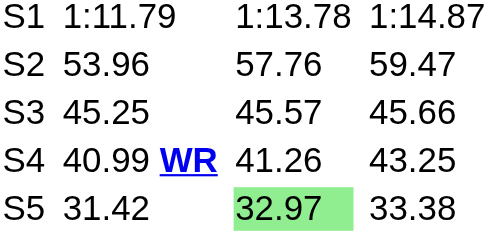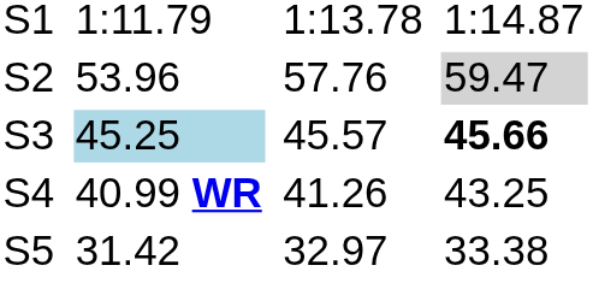 <table>
 <tr>
 <td>S1 <br></td>
 <td></td>
 <td>1:11.79</td>
 <td></td>
 <td>1:13.78</td>
 <td></td>
 <td>1:14.87</td>
 </tr>
 <tr>
 <td>S2 <br></td>
 <td></td>
 <td>53.96</td>
 <td></td>
 <td>57.76</td>
 <td></td>
-<td>59.47</td>
+<td style="background: lightgrey;">59.47</td>
 </tr>
 <tr>
 <td>S3 <br></td>
 <td></td>
-<td>45.25</td>
+<td style="background: lightblue;">45.25</td>
 <td></td>
 <td>45.57</td>
 <td></td>
-<td>45.66</td>
+<td><strong>45.66</strong></td>
 </tr>
 <tr>
 <td>S4 <br></td>
 <td></td>
 <td>40.99 <strong><a href='#'>WR</a></strong></td>
 <td></td>
 <td>41.26</td>
 <td></td>
 <td>43.25</td>
 </tr>
 <tr>
 <td>S5 <br></td>
 <td></td>
 <td>31.42</td>
 <td></td>
-<td style="background: lightgreen;">32.97</td>
+<td>32.97</td>
 <td></td>
 <td>33.38</td>
 </tr>
 </table>
